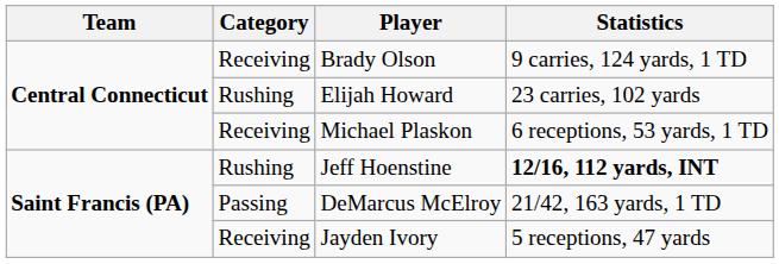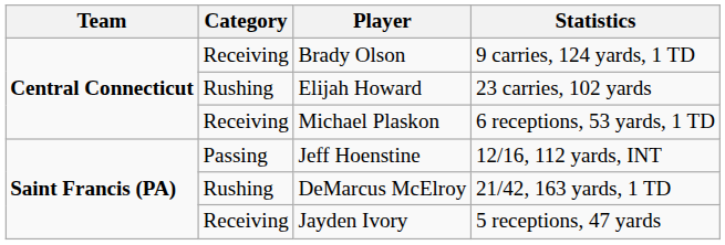 <table class="wikitable" style="float: right;">
 <tr>
 <th>Team</th>
 <th>Category</th>
 <th>Player</th>
 <th>Statistics</th>
 </tr>
 <tr>
 <td rowspan=3><strong>Central Connecticut</strong></td>
 <td>Receiving</td>
 <td>Brady Olson</td>
 <td>9 carries, 124 yards, 1 TD</td>
 </tr>
 <tr>
 <td>Rushing</td>
 <td>Elijah Howard</td>
 <td>23 carries, 102 yards</td>
 </tr>
 <tr>
 <td>Receiving</td>
 <td>Michael Plaskon</td>
 <td>6 receptions, 53 yards, 1 TD</td>
 </tr>
 <tr>
 <td rowspan=3><strong>Saint Francis (PA)</strong></td>
-<td>Rushing</td>
+<td>Passing</td>
 <td>Jeff Hoenstine</td>
-<td><strong>12/16, 112 yards, INT</strong></td>
+<td>12/16, 112 yards, INT</td>
 </tr>
 <tr>
-<td>Passing</td>
+<td>Rushing</td>
 <td>DeMarcus McElroy</td>
 <td>21/42, 163 yards, 1 TD</td>
 </tr>
 <tr>
 <td>Receiving</td>
 <td>Jayden Ivory</td>
 <td>5 receptions, 47 yards</td>
 </tr>
 </table>
